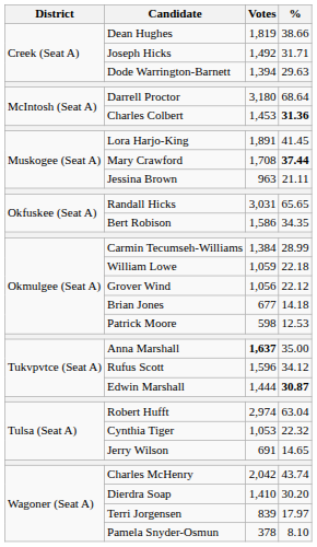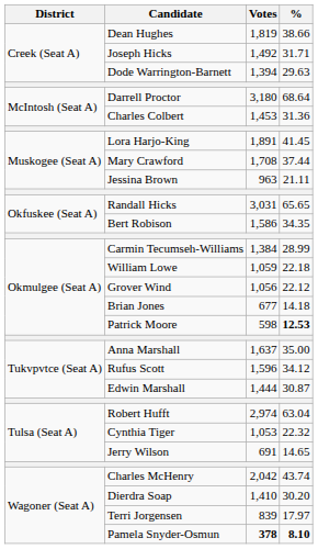 <table class=wikitable style=text-align:right>
 <tr>
 <th>District</th>
 <th>Candidate</th>
 <th>Votes</th>
 <th>%</th>
 </tr>
 <tr>
 <td rowspan=3 align=left>Creek (Seat A)</td>
 <td align=left>Dean Hughes</td>
 <td>1,819</td>
 <td>38.66</td>
 </tr>
 <tr>
 <td align=left>Joseph Hicks</td>
 <td>1,492</td>
 <td>31.71</td>
 </tr>
 <tr>
 <td align=left>Dode Warrington-Barnett</td>
 <td>1,394</td>
 <td>29.63</td>
 </tr>
 <tr>
 <th colspan=4></th>
 </tr>
 <tr>
 <td rowspan=2 align=left>McIntosh (Seat A)</td>
 <td align=left>Darrell Proctor</td>
 <td>3,180</td>
 <td>68.64</td>
 </tr>
 <tr>
 <td align=left>Charles Colbert</td>
 <td>1,453</td>
-<td><strong>31.36</strong></td>
+<td>31.36</td>
 </tr>
 <tr>
 <th colspan=4></th>
 </tr>
 <tr>
 <td rowspan=3 align=left>Muskogee (Seat A)</td>
 <td align=left>Lora Harjo-King</td>
 <td>1,891</td>
 <td>41.45</td>
 </tr>
 <tr>
 <td align=left>Mary Crawford</td>
 <td>1,708</td>
-<td><strong>37.44</strong></td>
+<td>37.44</td>
 </tr>
 <tr>
 <td align=left>Jessina Brown</td>
 <td>963</td>
 <td>21.11</td>
 </tr>
 <tr>
 <th colspan=4></th>
 </tr>
 <tr>
 <td rowspan=2 align=left>Okfuskee (Seat A)</td>
 <td align=left>Randall Hicks</td>
 <td>3,031</td>
 <td>65.65</td>
 </tr>
 <tr>
 <td align=left>Bert Robison</td>
 <td>1,586</td>
 <td>34.35</td>
 </tr>
 <tr>
 <th colspan=4></th>
 </tr>
 <tr>
 <td rowspan=5 align=left>Okmulgee (Seat A)</td>
 <td align=left>Carmin Tecumseh-Williams</td>
 <td>1,384</td>
 <td>28.99</td>
 </tr>
 <tr>
 <td align=left>William Lowe</td>
 <td>1,059</td>
 <td>22.18</td>
 </tr>
 <tr>
 <td align=left>Grover Wind</td>
 <td>1,056</td>
 <td>22.12</td>
 </tr>
 <tr>
 <td align=left>Brian Jones</td>
 <td>677</td>
 <td>14.18</td>
 </tr>
 <tr>
 <td align=left>Patrick Moore</td>
 <td>598</td>
-<td>12.53</td>
+<td><strong>12.53</strong></td>
 </tr>
 <tr>
 <th colspan=4></th>
 </tr>
 <tr>
 <td rowspan=3 align=left>Tukvpvtce (Seat A)</td>
 <td align=left>Anna Marshall</td>
-<td><strong>1,637</strong></td>
+<td>1,637</td>
 <td>35.00</td>
 </tr>
 <tr>
 <td align=left>Rufus Scott</td>
 <td>1,596</td>
 <td>34.12</td>
 </tr>
 <tr>
 <td align=left>Edwin Marshall</td>
 <td>1,444</td>
-<td><strong>30.87</strong></td>
+<td>30.87</td>
 </tr>
 <tr>
 <th colspan=4></th>
 </tr>
 <tr>
 <td rowspan=3 align=left>Tulsa (Seat A)</td>
 <td align=left>Robert Hufft</td>
 <td>2,974</td>
 <td>63.04</td>
 </tr>
 <tr>
 <td align=left>Cynthia Tiger</td>
 <td>1,053</td>
 <td>22.32</td>
 </tr>
 <tr>
 <td align=left>Jerry Wilson</td>
 <td>691</td>
 <td>14.65</td>
 </tr>
 <tr>
 <th colspan=4></th>
 </tr>
 <tr>
 <td rowspan=4 align=left>Wagoner (Seat A)</td>
 <td align=left>Charles McHenry</td>
 <td>2,042</td>
 <td>43.74</td>
 </tr>
 <tr>
 <td align=left>Dierdra Soap</td>
 <td>1,410</td>
 <td>30.20</td>
 </tr>
 <tr>
 <td align=left>Terri Jorgensen</td>
 <td>839</td>
 <td>17.97</td>
 </tr>
 <tr>
 <td align=left>Pamela Snyder-Osmun</td>
-<td>378</td>
-<td>8.10</td>
+<td><strong>378</strong></td>
+<td><strong>8.10</strong></td>
 </tr>
 </table>
